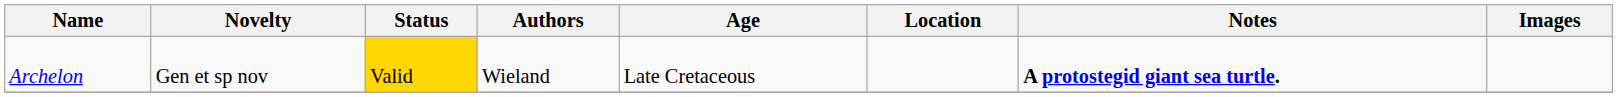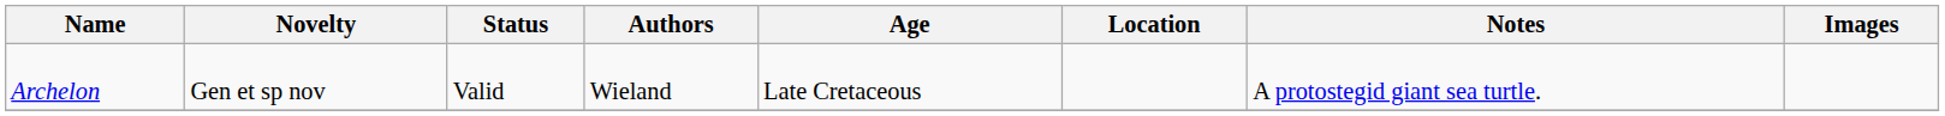 <table class="wikitable sortable" align="center" width="80%">
 <tr>
 <th>Name</th>
 <th>Novelty</th>
 <th>Status</th>
 <th>Authors</th>
 <th>Age</th>
 <th>Location</th>
 <th>Notes</th>
 <th>Images</th>
 </tr>
 <tr>
 <td><br><em><a href='#'>Archelon</a></em></td>
 <td><br>Gen et sp nov</td>
-<td style="background: gold;"><br>Valid</td>
+<td><br>Valid</td>
 <td><br>Wieland</td>
 <td><br>Late Cretaceous</td>
 <td><br><br></td>
-<td><strong><br>A <a href='#'>protostegid giant sea turtle</a>.</strong></td>
+<td><br>A <a href='#'>protostegid giant sea turtle</a>.</td>
 <td><br></td>
 </tr>
 <tr>
 </tr>
 </table>
